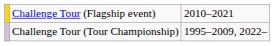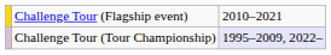 <table class="wikitable" style="font-size:95%">
 <tr>
 <td style="background:gold"></td>
 <td><a href='#'>Challenge Tour</a> (Flagship event)</td>
 <td>2010–2021</td>
 </tr>
 <tr>
 <td style="background:thistle"></td>
 <td>Challenge Tour (Tour Championship)</td>
-<td>1995–2009, 2022–</td>
+<td style="background: lavender;">1995–2009, 2022–</td>
 </tr>
 </table>
